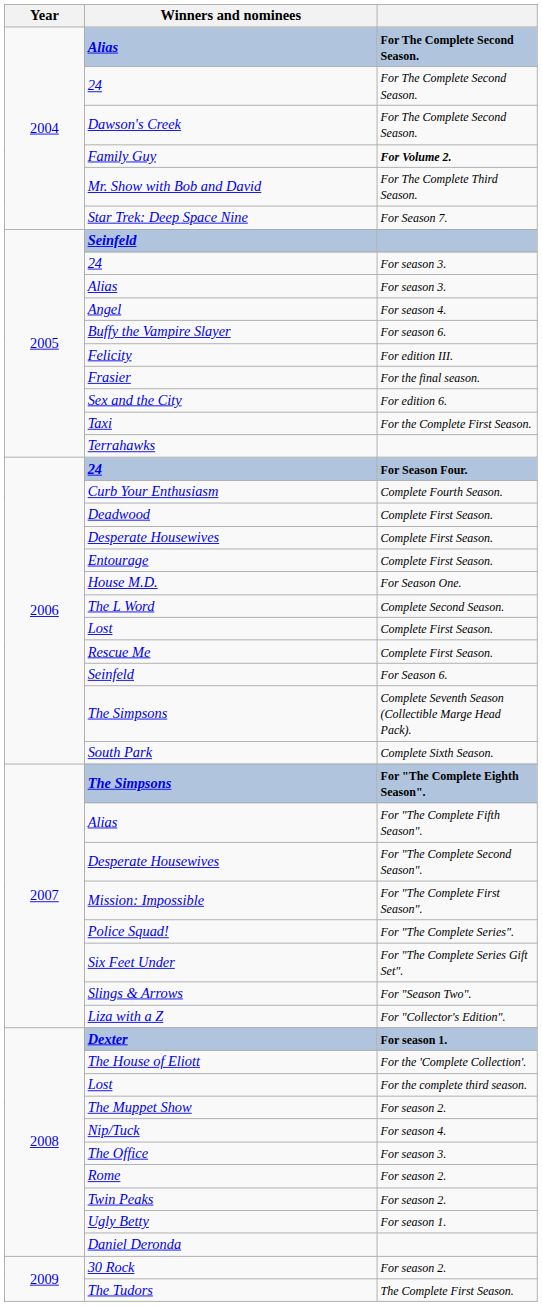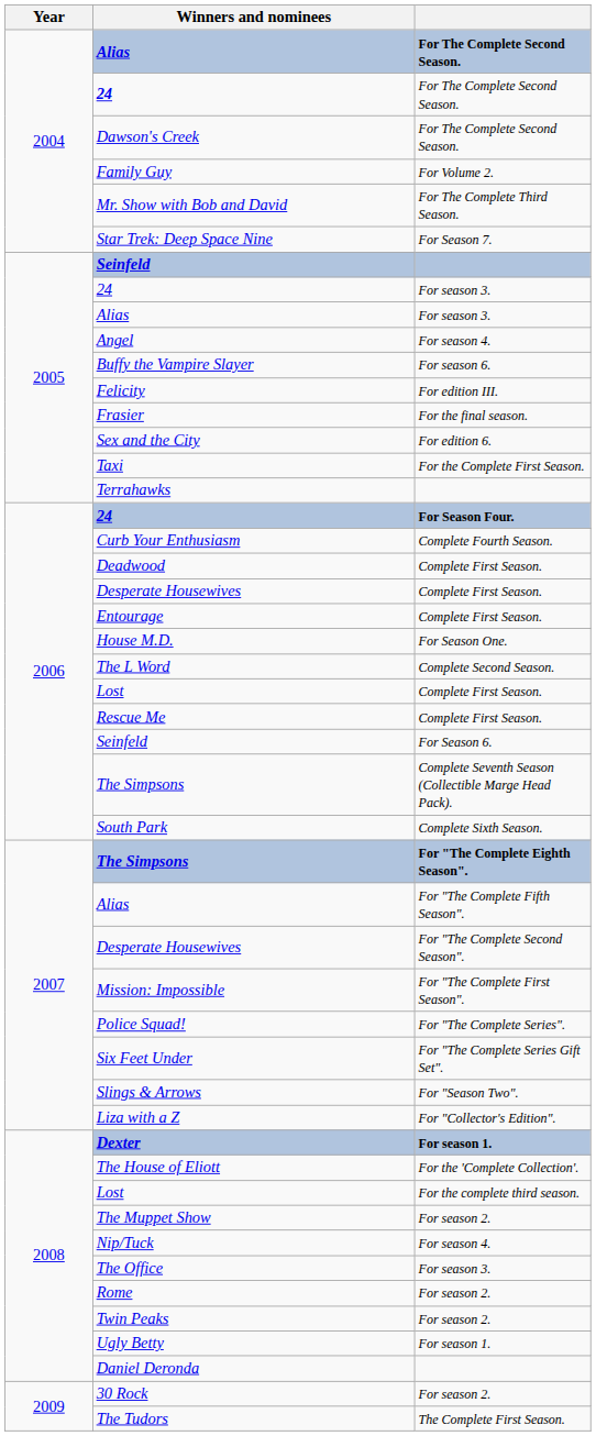 <table class="wikitable" width="95%" cellpadding="5">
 <tr>
 <th width="15%">Year</th>
 <th width="55%">Winners and nominees</th>
 <th width="30%"></th>
 </tr>
 <tr>
 <td rowspan="6" style="text-align:center;"><a href='#'>2004</a></td>
 <td style="background:#B0C4DE;"><strong><em><a href='#'>Alias</a></em></strong></td>
 <td style="background:#B0C4DE;"><strong><small>For The Complete Second Season.</small></strong></td>
 </tr>
 <tr>
-<td><em><a href='#'>24</a></em></td>
+<td><strong><em><a href='#'>24</a></em></strong></td>
 <td><em><small>For The Complete Second Season.</small></em></td>
 </tr>
 <tr>
 <td><em><a href='#'>Dawson's Creek</a></em></td>
 <td><em><small>For The Complete Second Season. </small></em></td>
 </tr>
 <tr>
 <td><em><a href='#'>Family Guy</a></em></td>
-<td><strong><em><small>For Volume 2.</small></em></strong></td>
+<td><em><small>For Volume 2.</small></em></td>
 </tr>
 <tr>
 <td><em><a href='#'>Mr. Show with Bob and David</a></em></td>
 <td><em><small>For The Complete Third Season.</small></em></td>
 </tr>
 <tr>
 <td><em><a href='#'>Star Trek: Deep Space Nine</a></em></td>
 <td><em><small>For Season 7.</small></em></td>
 </tr>
 <tr>
 <td rowspan="10" style="text-align:center;"><a href='#'>2005</a></td>
 <td style="background:#B0C4DE;"><strong><em><a href='#'>Seinfeld</a></em></strong></td>
 <td style="background:#B0C4DE;"></td>
 </tr>
 <tr>
 <td><em><a href='#'>24</a></em></td>
 <td><em><small>For season 3.</small></em></td>
 </tr>
 <tr>
 <td><em><a href='#'>Alias</a></em></td>
 <td><em><small>For season 3.</small></em></td>
 </tr>
 <tr>
 <td><em><a href='#'>Angel</a></em></td>
 <td><em><small>For season 4.</small></em></td>
 </tr>
 <tr>
 <td><em><a href='#'>Buffy the Vampire Slayer</a></em></td>
 <td><em><small>For season 6.</small></em></td>
 </tr>
 <tr>
 <td><em><a href='#'>Felicity</a></em></td>
 <td><em><small>For edition III.</small></em></td>
 </tr>
 <tr>
 <td><em><a href='#'>Frasier</a></em></td>
 <td><em><small>For the final season.</small></em></td>
 </tr>
 <tr>
 <td><em><a href='#'>Sex and the City</a></em></td>
 <td><em><small>For edition 6.</small></em></td>
 </tr>
 <tr>
 <td><em><a href='#'>Taxi</a></em></td>
 <td><em><small>For the Complete First Season.</small></em></td>
 </tr>
 <tr>
 <td><em><a href='#'>Terrahawks</a></em></td>
 <td></td>
 </tr>
 <tr>
 <td rowspan="12" style="text-align:center;"><a href='#'>2006</a></td>
 <td style="background:#B0C4DE;"><strong><em><a href='#'>24</a></em></strong></td>
 <td style="background:#B0C4DE;"><strong><small>For Season Four.</small></strong></td>
 </tr>
 <tr>
 <td><em><a href='#'>Curb Your Enthusiasm</a></em></td>
 <td><em><small>Complete Fourth Season.</small></em></td>
 </tr>
 <tr>
 <td><em><a href='#'>Deadwood</a></em></td>
 <td><em><small>Complete First Season.</small></em></td>
 </tr>
 <tr>
 <td><em><a href='#'>Desperate Housewives</a></em></td>
 <td><em><small>Complete First Season.</small></em></td>
 </tr>
 <tr>
 <td><em><a href='#'>Entourage</a></em></td>
 <td><em><small>Complete First Season.</small></em></td>
 </tr>
 <tr>
 <td><em><a href='#'>House M.D.</a></em></td>
 <td><em><small>For Season One.</small></em></td>
 </tr>
 <tr>
 <td><em><a href='#'>The L Word</a></em></td>
 <td><em><small>Complete Second Season.</small></em></td>
 </tr>
 <tr>
 <td><em><a href='#'>Lost</a></em></td>
 <td><em><small>Complete First Season.</small></em></td>
 </tr>
 <tr>
 <td><em><a href='#'>Rescue Me</a></em></td>
 <td><em><small>Complete First Season.</small></em></td>
 </tr>
 <tr>
 <td><em><a href='#'>Seinfeld</a></em></td>
 <td><em><small>For Season 6.</small></em></td>
 </tr>
 <tr>
 <td><em><a href='#'>The Simpsons</a></em></td>
 <td><em><small>Complete Seventh Season (Collectible Marge Head Pack).</small></em></td>
 </tr>
 <tr>
 <td><em><a href='#'>South Park</a></em></td>
 <td><em><small>Complete Sixth Season.</small></em></td>
 </tr>
 <tr>
 <td rowspan="8" style="text-align:center;"><a href='#'>2007</a></td>
 <td style="background:#B0C4DE;"><strong><em><a href='#'>The Simpsons</a></em></strong></td>
 <td style="background:#B0C4DE;"><strong><small>For "The Complete Eighth Season".</small></strong></td>
 </tr>
 <tr>
 <td><em><a href='#'>Alias</a></em></td>
 <td><em><small>For "The Complete Fifth Season".</small></em></td>
 </tr>
 <tr>
 <td><em><a href='#'>Desperate Housewives</a></em></td>
 <td><em><small>For "The Complete Second Season".</small></em></td>
 </tr>
 <tr>
 <td><em><a href='#'>Mission: Impossible</a></em></td>
 <td><em><small>For "The Complete First Season".</small></em></td>
 </tr>
 <tr>
 <td><em><a href='#'>Police Squad!</a></em></td>
 <td><em><small>For "The Complete Series".</small></em></td>
 </tr>
 <tr>
 <td><em><a href='#'>Six Feet Under</a></em></td>
 <td><em><small>For "The Complete Series Gift Set".</small></em></td>
 </tr>
 <tr>
 <td><em><a href='#'>Slings & Arrows</a></em></td>
 <td><em><small>For "Season Two".</small></em></td>
 </tr>
 <tr>
 <td><em><a href='#'>Liza with a Z</a></em></td>
 <td><em><small>For "Collector's Edition".</small></em></td>
 </tr>
 <tr>
 <td rowspan="10" style="text-align:center;"><a href='#'>2008</a></td>
 <td style="background:#B0C4DE;"><strong><em><a href='#'>Dexter</a></em></strong></td>
 <td style="background:#B0C4DE;"><strong><small>For season 1.</small></strong></td>
 </tr>
 <tr>
 <td><em><a href='#'>The House of Eliott</a></em></td>
 <td><em><small>For the 'Complete Collection'.</small></em></td>
 </tr>
 <tr>
 <td><em><a href='#'>Lost</a></em></td>
 <td><em><small>For the complete third season.</small></em></td>
 </tr>
 <tr>
 <td><em><a href='#'>The Muppet Show</a></em></td>
 <td><em><small>For season 2.</small></em></td>
 </tr>
 <tr>
 <td><em><a href='#'>Nip/Tuck</a></em></td>
 <td><em><small>For season 4.</small></em></td>
 </tr>
 <tr>
 <td><em><a href='#'>The Office</a></em></td>
 <td><em><small>For season 3.</small></em></td>
 </tr>
 <tr>
 <td><em><a href='#'>Rome</a></em></td>
 <td><em><small>For season 2.</small></em></td>
 </tr>
 <tr>
 <td><em><a href='#'>Twin Peaks</a></em></td>
 <td><em><small>For season 2.</small></em></td>
 </tr>
 <tr>
 <td><em><a href='#'>Ugly Betty</a></em></td>
 <td><em><small>For season 1.</small></em></td>
 </tr>
 <tr>
 <td><em><a href='#'>Daniel Deronda</a></em></td>
 <td></td>
 </tr>
 <tr>
 <td rowspan="2" style="text-align:center;"><a href='#'>2009</a></td>
 <td><em><a href='#'>30 Rock</a></em></td>
 <td><em><small>For season 2.</small></em></td>
 </tr>
 <tr>
 <td><em><a href='#'>The Tudors</a></em></td>
 <td><em><small>The Complete First Season.</small></em></td>
 </tr>
 </table>
